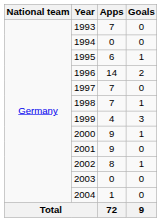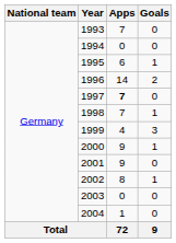 <table class="wikitable" style="text-align:center">
 <tr>
 <th>National team</th>
 <th>Year</th>
 <th>Apps</th>
 <th>Goals</th>
 </tr>
 <tr>
 <td rowspan="12"><a href='#'>Germany</a></td>
 <td>1993</td>
 <td>7</td>
 <td>0</td>
 </tr>
 <tr>
 <td>1994</td>
 <td>0</td>
 <td>0</td>
 </tr>
 <tr>
 <td>1995</td>
 <td>6</td>
 <td>1</td>
 </tr>
 <tr>
 <td>1996</td>
 <td>14</td>
 <td>2</td>
 </tr>
 <tr>
 <td>1997</td>
-<td>7</td>
+<td><strong>7</strong></td>
 <td>0</td>
 </tr>
 <tr>
 <td>1998</td>
 <td>7</td>
 <td>1</td>
 </tr>
 <tr>
 <td>1999</td>
 <td>4</td>
 <td>3</td>
 </tr>
 <tr>
 <td>2000</td>
 <td>9</td>
 <td>1</td>
 </tr>
 <tr>
 <td>2001</td>
 <td>9</td>
 <td>0</td>
 </tr>
 <tr>
 <td>2002</td>
 <td>8</td>
 <td>1</td>
 </tr>
 <tr>
 <td>2003</td>
 <td>0</td>
 <td>0</td>
 </tr>
 <tr>
 <td>2004</td>
 <td>1</td>
 <td>0</td>
 </tr>
 <tr>
 <th colspan="2">Total</th>
 <th>72</th>
 <th>9</th>
 </tr>
 </table>
